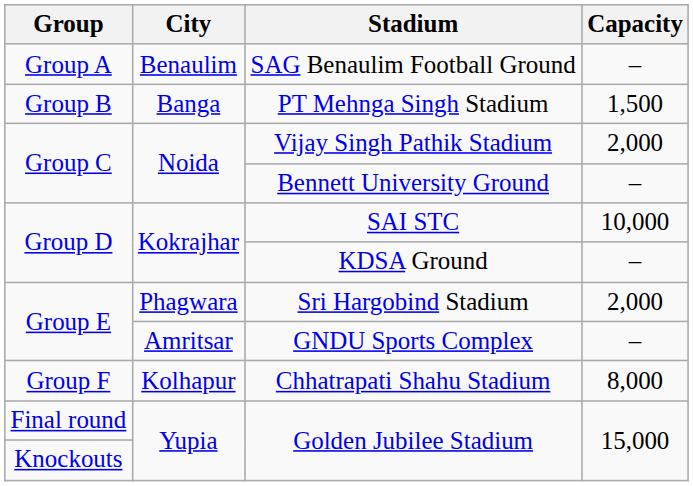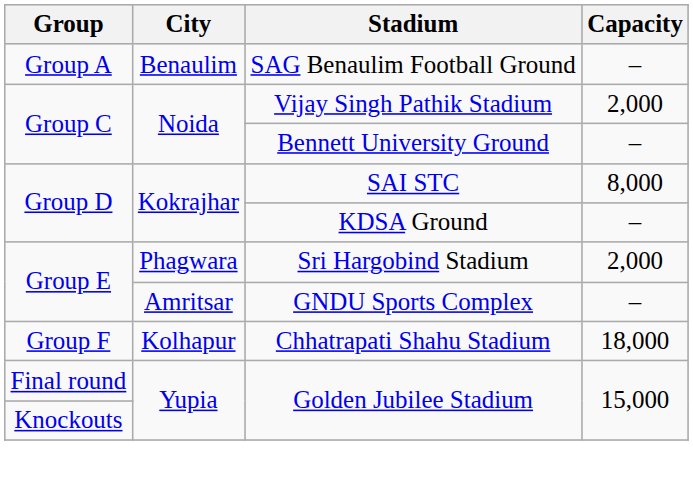 <table class="wikitable sortable" style="text-align: center">
 <tr>
 <th>Group</th>
 <th class="unsortable">City</th>
 <th>Stadium</th>
 <th>Capacity</th>
 </tr>
 <tr>
 <td><a href='#'>Group A</a></td>
 <td><a href='#'>Benaulim</a></td>
 <td><a href='#'>SAG</a> Benaulim Football Ground</td>
 <td>–</td>
-</tr>
-<tr>
-<td><a href='#'>Group B</a></td>
-<td><a href='#'>Banga</a></td>
-<td><a href='#'>PT Mehnga Singh</a> Stadium</td>
-<td>1,500</td>
 </tr>
 <tr>
 <td rowspan="2"><a href='#'>Group C</a></td>
 <td rowspan="2"><a href='#'>Noida</a></td>
 <td><a href='#'>Vijay Singh Pathik Stadium</a></td>
 <td>2,000</td>
 </tr>
 <tr>
 <td><a href='#'>Bennett University Ground</a></td>
 <td>–</td>
 </tr>
 <tr>
 <td rowspan="2"><a href='#'>Group D</a></td>
 <td rowspan="2"><a href='#'>Kokrajhar</a></td>
 <td><a href='#'>SAI STC</a></td>
-<td>10,000</td>
+<td>8,000</td>
 </tr>
 <tr>
 <td><a href='#'>KDSA</a> Ground</td>
 <td>–</td>
 </tr>
 <tr>
 <td rowspan="2"><a href='#'>Group E</a></td>
 <td><a href='#'>Phagwara</a></td>
 <td><a href='#'>Sri Hargobind</a> Stadium</td>
 <td>2,000</td>
 </tr>
 <tr>
 <td><a href='#'>Amritsar</a></td>
 <td><a href='#'>GNDU Sports Complex</a></td>
 <td>–</td>
 </tr>
 <tr>
 <td><a href='#'>Group F</a></td>
 <td><a href='#'>Kolhapur</a></td>
 <td><a href='#'>Chhatrapati Shahu Stadium</a></td>
-<td>8,000</td>
+<td>18,000</td>
 </tr>
 <tr>
 <td><a href='#'>Final round</a></td>
 <td rowspan="2"><a href='#'>Yupia</a></td>
 <td rowspan="2"><a href='#'>Golden Jubilee Stadium</a></td>
 <td rowspan="2">15,000</td>
 </tr>
 <tr>
 <td><a href='#'>Knockouts</a></td>
 </tr>
 </table>
